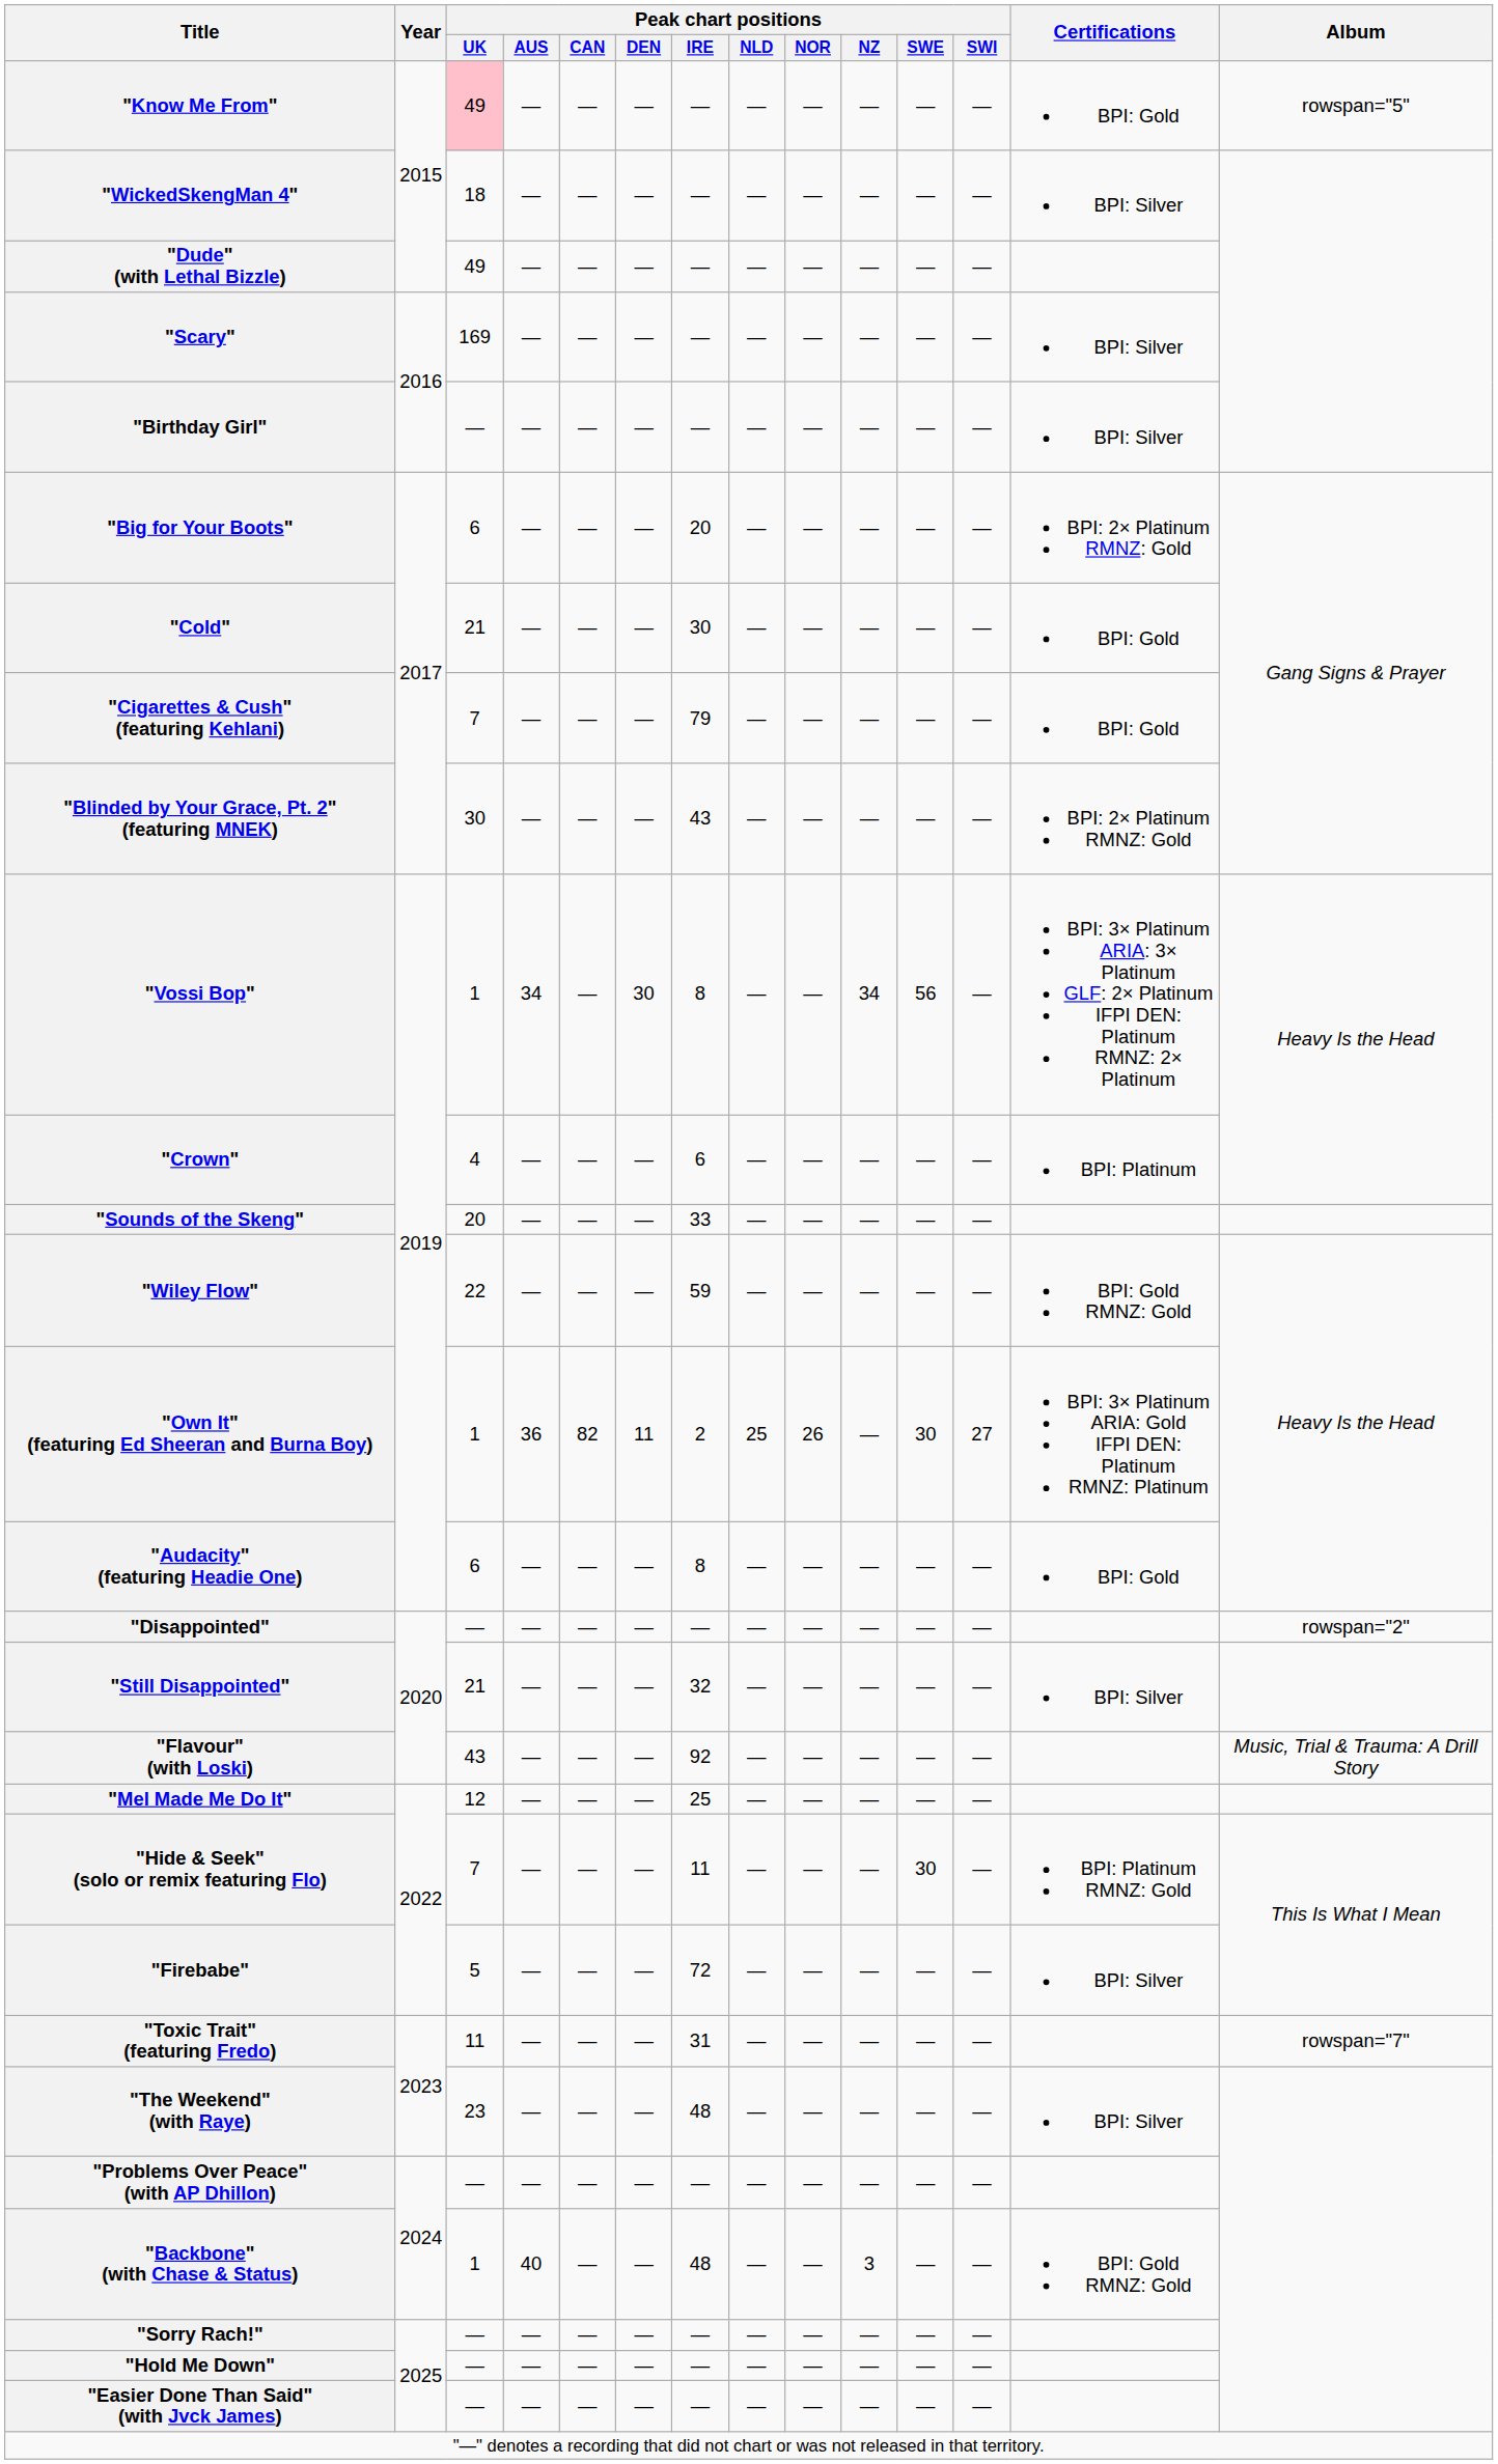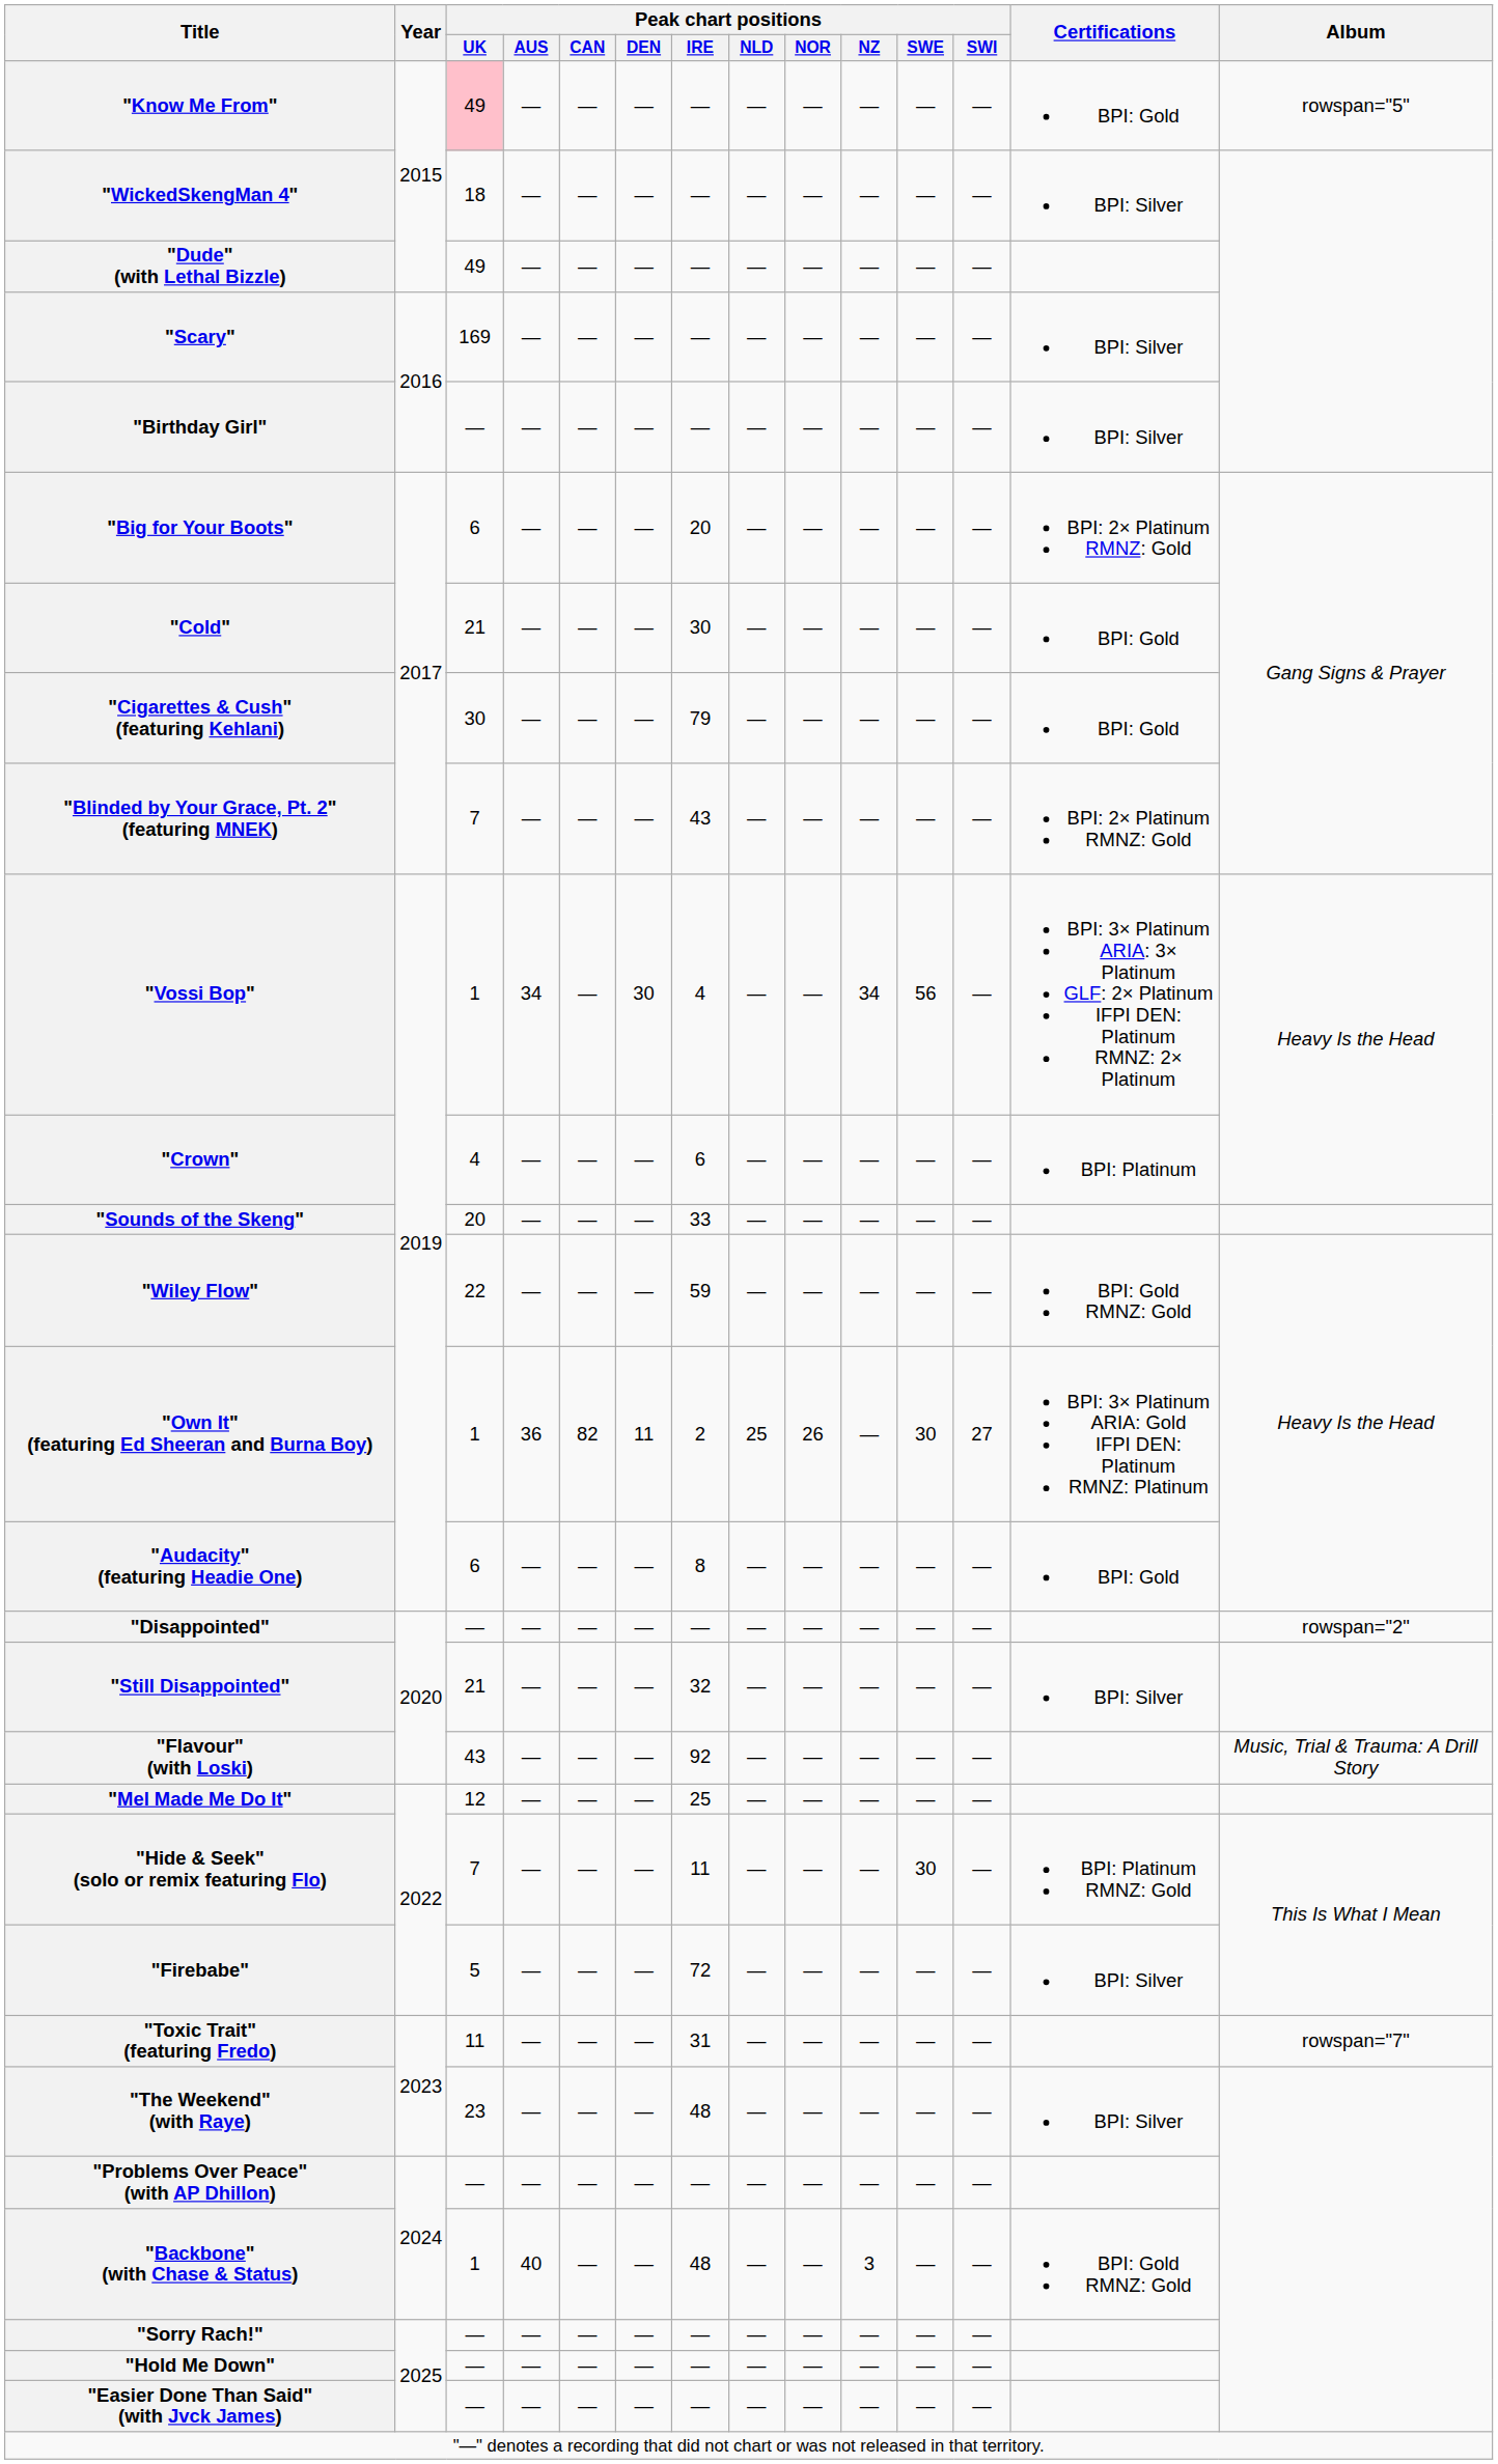 <table class="wikitable plainrowheaders" style="text-align:center;">
 <tr>
 <th scope="col" rowspan="2" style="width:20em;">Title</th>
 <th scope="col" rowspan="2" style="width:1em;">Year</th>
 <th scope="col" colspan="10">Peak chart positions</th>
 <th scope="col" rowspan="2"><a href='#'>Certifications</a></th>
 <th scope="col" rowspan="2">Album</th>
 </tr>
 <tr>
 <th scope="col" style="width:3em;font-size:85%;"><a href='#'>UK</a><br></th>
 <th scope="col" style="width:3em;font-size:85%;"><a href='#'>AUS</a><br></th>
 <th scope="col" style="width:3em;font-size:85%;"><a href='#'>CAN</a><br></th>
 <th scope="col" style="width:3em;font-size:85%;"><a href='#'>DEN</a><br></th>
 <th scope="col" style="width:3em;font-size:85%;"><a href='#'>IRE</a><br></th>
 <th scope="col" style="width:3em;font-size:85%;"><a href='#'>NLD</a><br></th>
 <th scope="col" style="width:3em;font-size:85%;"><a href='#'>NOR</a><br></th>
 <th scope="col" style="width:3em;font-size:85%;"><a href='#'>NZ</a><br></th>
 <th scope="col" style="width:3em;font-size:85%;"><a href='#'>SWE</a><br></th>
 <th scope="col" style="width:3em;font-size:85%;"><a href='#'>SWI</a><br></th>
 </tr>
 <tr>
 <th scope="row">"<a href='#'>Know Me From</a>"</th>
 <td rowspan="3">2015</td>
 <td style="background: pink;">49</td>
 <td>—</td>
 <td>—</td>
 <td>—</td>
 <td>—</td>
 <td>—</td>
 <td>—</td>
 <td>—</td>
 <td>—</td>
 <td>—</td>
 <td><br><ul><li>BPI: Gold</li></ul></td>
 <td>rowspan="5" </td>
 </tr>
 <tr>
 <th scope="row">"<a href='#'>WickedSkengMan 4</a>"</th>
 <td>18</td>
 <td>—</td>
 <td>—</td>
 <td>—</td>
 <td>—</td>
 <td>—</td>
 <td>—</td>
 <td>—</td>
 <td>—</td>
 <td>—</td>
 <td><br><ul><li>BPI: Silver</li></ul></td>
 </tr>
 <tr>
 <th scope="row">"<a href='#'>Dude</a>"<br><span>(with <a href='#'>Lethal Bizzle</a>)</span></th>
 <td>49</td>
 <td>—</td>
 <td>—</td>
 <td>—</td>
 <td>—</td>
 <td>—</td>
 <td>—</td>
 <td>—</td>
 <td>—</td>
 <td>—</td>
 <td></td>
 </tr>
 <tr>
 <th scope="row">"<a href='#'>Scary</a>"</th>
 <td rowspan=2>2016</td>
 <td>169</td>
 <td>—</td>
 <td>—</td>
 <td>—</td>
 <td>—</td>
 <td>—</td>
 <td>—</td>
 <td>—</td>
 <td>—</td>
 <td>—</td>
 <td><br><ul><li>BPI: Silver</li></ul></td>
 </tr>
 <tr>
 <th scope="row">"Birthday Girl"</th>
 <td>—</td>
 <td>—</td>
 <td>—</td>
 <td>—</td>
 <td>—</td>
 <td>—</td>
 <td>—</td>
 <td>—</td>
 <td>—</td>
 <td>—</td>
 <td><br><ul><li>BPI: Silver</li></ul></td>
 </tr>
 <tr>
 <th scope="row">"<a href='#'>Big for Your Boots</a>"</th>
 <td rowspan="4">2017</td>
 <td>6</td>
 <td>—</td>
 <td>—</td>
 <td>—</td>
 <td>20</td>
 <td>—</td>
 <td>—</td>
 <td>—</td>
 <td>—</td>
 <td>—</td>
 <td><br><ul><li>BPI: 2× Platinum</li><li><a href='#'>RMNZ</a>: Gold</li></ul></td>
 <td rowspan="4"><em>Gang Signs & Prayer</em></td>
 </tr>
 <tr>
 <th scope="row">"<a href='#'>Cold</a>"</th>
 <td>21</td>
 <td>—</td>
 <td>—</td>
 <td>—</td>
 <td>30</td>
 <td>—</td>
 <td>—</td>
 <td>—</td>
 <td>—</td>
 <td>—</td>
 <td><br><ul><li>BPI: Gold</li></ul></td>
 </tr>
 <tr>
 <th scope="row">"<a href='#'>Cigarettes & Cush</a>"<br><span>(featuring <a href='#'>Kehlani</a>)</span></th>
-<td>7</td>
+<td>30</td>
 <td>—</td>
 <td>—</td>
 <td>—</td>
 <td>79</td>
 <td>—</td>
 <td>—</td>
 <td>—</td>
 <td>—</td>
 <td>—</td>
 <td><br><ul><li>BPI: Gold</li></ul></td>
 </tr>
 <tr>
 <th scope="row">"<a href='#'>Blinded by Your Grace, Pt. 2</a>"<br><span>(featuring <a href='#'>MNEK</a>)</span></th>
-<td>30</td>
+<td>7</td>
 <td>—</td>
 <td>—</td>
 <td>—</td>
 <td>43</td>
 <td>—</td>
 <td>—</td>
 <td>—</td>
 <td>—</td>
 <td>—</td>
 <td><br><ul><li>BPI: 2× Platinum</li><li>RMNZ: Gold</li></ul></td>
 </tr>
 <tr>
 <th scope="row">"<a href='#'>Vossi Bop</a>"</th>
 <td rowspan="6">2019</td>
 <td>1</td>
 <td>34</td>
 <td>—</td>
 <td>30</td>
-<td>8</td>
+<td>4</td>
 <td>—</td>
 <td>—</td>
 <td>34</td>
 <td>56</td>
 <td>—</td>
 <td><br><ul><li>BPI: 3× Platinum</li><li><a href='#'>ARIA</a>: 3× Platinum</li><li><a href='#'>GLF</a>: 2× Platinum</li><li>IFPI DEN: Platinum</li><li>RMNZ: 2× Platinum</li></ul></td>
 <td rowspan="2"><em>Heavy Is the Head</em></td>
 </tr>
 <tr>
 <th scope="row">"<a href='#'>Crown</a>"</th>
 <td>4</td>
 <td>—</td>
 <td>—</td>
 <td>—</td>
 <td>6</td>
 <td>—</td>
 <td>—</td>
 <td>—</td>
 <td>—</td>
 <td>—</td>
 <td><br><ul><li>BPI: Platinum</li></ul></td>
 </tr>
 <tr>
 <th scope="row">"<a href='#'>Sounds of the Skeng</a>"</th>
 <td>20</td>
 <td>—</td>
 <td>—</td>
 <td>—</td>
 <td>33</td>
 <td>—</td>
 <td>—</td>
 <td>—</td>
 <td>—</td>
 <td>—</td>
 <td></td>
 <td></td>
 </tr>
 <tr>
 <th scope="row">"<a href='#'>Wiley Flow</a>"</th>
 <td>22</td>
 <td>—</td>
 <td>—</td>
 <td>—</td>
 <td>59</td>
 <td>—</td>
 <td>—</td>
 <td>—</td>
 <td>—</td>
 <td>—</td>
 <td><br><ul><li>BPI: Gold</li><li>RMNZ: Gold</li></ul></td>
 <td rowspan="3"><em>Heavy Is the Head</em></td>
 </tr>
 <tr>
 <th scope="row">"<a href='#'>Own It</a>"<br><span>(featuring <a href='#'>Ed Sheeran</a> and <a href='#'>Burna Boy</a>)</span></th>
 <td>1</td>
 <td>36</td>
 <td>82</td>
 <td>11</td>
 <td>2</td>
 <td>25</td>
 <td>26</td>
 <td>—</td>
 <td>30</td>
 <td>27</td>
 <td><br><ul><li>BPI: 3× Platinum</li><li>ARIA: Gold</li><li>IFPI DEN: Platinum</li><li>RMNZ: Platinum</li></ul></td>
 </tr>
 <tr>
 <th scope="row">"<a href='#'>Audacity</a>"<br><span>(featuring <a href='#'>Headie One</a>)</span></th>
 <td>6</td>
 <td>—</td>
 <td>—</td>
 <td>—</td>
 <td>8</td>
 <td>—</td>
 <td>—</td>
 <td>—</td>
 <td>—</td>
 <td>—</td>
 <td><br><ul><li>BPI: Gold</li></ul></td>
 </tr>
 <tr>
 <th scope="row">"Disappointed"</th>
 <td rowspan="3">2020</td>
 <td>—</td>
 <td>—</td>
 <td>—</td>
 <td>—</td>
 <td>—</td>
 <td>—</td>
 <td>—</td>
 <td>—</td>
 <td>—</td>
 <td>—</td>
 <td></td>
 <td>rowspan="2" </td>
 </tr>
 <tr>
 <th scope="row">"<a href='#'>Still Disappointed</a>"</th>
 <td>21</td>
 <td>—</td>
 <td>—</td>
 <td>—</td>
 <td>32</td>
 <td>—</td>
 <td>—</td>
 <td>—</td>
 <td>—</td>
 <td>—</td>
 <td><br><ul><li>BPI: Silver</li></ul></td>
 </tr>
 <tr>
 <th scope="row">"Flavour"<br><span>(with <a href='#'>Loski</a>)</span></th>
 <td>43</td>
 <td>—</td>
 <td>—</td>
 <td>—</td>
 <td>92</td>
 <td>—</td>
 <td>—</td>
 <td>—</td>
 <td>—</td>
 <td>—</td>
 <td></td>
 <td><em>Music, Trial & Trauma: A Drill Story</em></td>
 </tr>
 <tr>
 <th scope="row">"<a href='#'>Mel Made Me Do It</a>"</th>
 <td rowspan="3">2022</td>
 <td>12</td>
 <td>—</td>
 <td>—</td>
 <td>—</td>
 <td>25</td>
 <td>—</td>
 <td>—</td>
 <td>—</td>
 <td>—</td>
 <td>—</td>
 <td></td>
 <td></td>
 </tr>
 <tr>
 <th scope="row">"Hide & Seek"<br><span>(solo or remix featuring <a href='#'>Flo</a>)</span></th>
 <td>7</td>
 <td>—</td>
 <td>—</td>
 <td>—</td>
 <td>11</td>
 <td>—</td>
 <td>—</td>
 <td>—</td>
 <td>30</td>
 <td>—</td>
 <td><br><ul><li>BPI: Platinum</li><li>RMNZ: Gold</li></ul></td>
 <td rowspan="2"><em>This Is What I Mean</em></td>
 </tr>
 <tr>
 <th scope="row">"Firebabe"</th>
 <td>5</td>
 <td>—</td>
 <td>—</td>
 <td>—</td>
 <td>72</td>
 <td>—</td>
 <td>—</td>
 <td>—</td>
 <td>—</td>
 <td>—</td>
 <td><br><ul><li>BPI: Silver</li></ul></td>
 </tr>
 <tr>
 <th scope="row">"Toxic Trait"<br><span>(featuring <a href='#'>Fredo</a>)</span></th>
 <td rowspan="2">2023</td>
 <td>11</td>
 <td>—</td>
 <td>—</td>
 <td>—</td>
 <td>31</td>
 <td>—</td>
 <td>—</td>
 <td>—</td>
 <td>—</td>
 <td>—</td>
 <td></td>
 <td>rowspan="7" </td>
 </tr>
 <tr>
 <th scope="row">"The Weekend"<br><span>(with <a href='#'>Raye</a>)</span></th>
 <td>23</td>
 <td>—</td>
 <td>—</td>
 <td>—</td>
 <td>48</td>
 <td>—</td>
 <td>—</td>
 <td>—</td>
 <td>—</td>
 <td>—</td>
 <td><br><ul><li>BPI: Silver</li></ul></td>
 </tr>
 <tr>
 <th scope="row">"Problems Over Peace"<br><span>(with <a href='#'>AP Dhillon</a>)</span></th>
 <td rowspan="2">2024</td>
 <td>—</td>
 <td>—</td>
 <td>—</td>
 <td>—</td>
 <td>—</td>
 <td>—</td>
 <td>—</td>
 <td>—</td>
 <td>—</td>
 <td>—</td>
 <td></td>
 </tr>
 <tr>
 <th scope="row">"<a href='#'>Backbone</a>"<br><span>(with <a href='#'>Chase & Status</a>)</span></th>
 <td>1</td>
 <td>40</td>
 <td>—</td>
 <td>—</td>
 <td>48</td>
 <td>—</td>
 <td>—</td>
 <td>3</td>
 <td>—</td>
 <td>—</td>
 <td><br><ul><li>BPI: Gold</li><li>RMNZ: Gold</li></ul></td>
 </tr>
 <tr>
 <th scope="row">"Sorry Rach!"</th>
 <td rowspan="3">2025</td>
 <td>—</td>
 <td>—</td>
 <td>—</td>
 <td>—</td>
 <td>—</td>
 <td>—</td>
 <td>—</td>
 <td>—</td>
 <td>—</td>
 <td>—</td>
 <td></td>
 </tr>
 <tr>
 <th scope="row">"Hold Me Down"</th>
 <td>—</td>
 <td>—</td>
 <td>—</td>
 <td>—</td>
 <td>—</td>
 <td>—</td>
 <td>—</td>
 <td>—</td>
 <td>—</td>
 <td>—</td>
 <td></td>
 </tr>
 <tr>
 <th scope="row">"Easier Done Than Said"<br><span>(with <a href='#'>Jvck James</a>)</span></th>
 <td>—</td>
 <td>—</td>
 <td>—</td>
 <td>—</td>
 <td>—</td>
 <td>—</td>
 <td>—</td>
 <td>—</td>
 <td>—</td>
 <td>—</td>
 <td></td>
 </tr>
 <tr>
 <td colspan="20" style="font-size:90%">"—" denotes a recording that did not chart or was not released in that territory.</td>
 </tr>
 </table>
